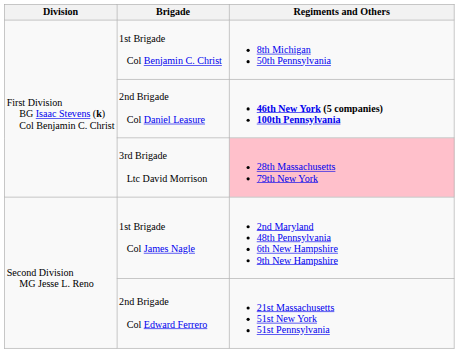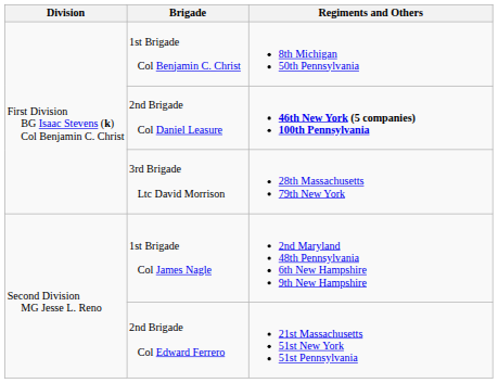 <table class="wikitable">
 <tr>
 <th width=25%>Division</th>
 <th width=25%>Brigade</th>
 <th>Regiments and Others</th>
 </tr>
 <tr>
 <td rowspan=3><br>First Division <br>     BG <a href='#'>Isaac Stevens</a> (<strong>k</strong>) <br>     Col Benjamin C. Christ</td>
 <td>1st Brigade<br><br>   Col <a href='#'>Benjamin C. Christ</a></td>
 <td><br><ul><li><a href='#'>8th Michigan</a></li><li><a href='#'>50th Pennsylvania</a></li></ul></td>
 </tr>
 <tr>
 <td>2nd Brigade<br><br>   Col <a href='#'>Daniel Leasure</a></td>
 <td><strong><br><ul><li><a href='#'>46th New York</a> (5 companies)</li><li><a href='#'>100th Pennsylvania</a></li></ul></strong></td>
 </tr>
 <tr>
 <td>3rd Brigade<br><br>   Ltc David Morrison</td>
-<td style="background: pink;"><br><ul><li><a href='#'>28th Massachusetts</a></li><li><a href='#'>79th New York</a></li></ul></td>
+<td><br><ul><li><a href='#'>28th Massachusetts</a></li><li><a href='#'>79th New York</a></li></ul></td>
 </tr>
 <tr>
 <td rowspan=2><br>Second Division <br>     MG Jesse L. Reno</td>
 <td>1st Brigade<br><br>   Col <a href='#'>James Nagle</a></td>
 <td><br><ul><li><a href='#'>2nd Maryland</a></li><li><a href='#'>48th Pennsylvania</a></li><li><a href='#'>6th New Hampshire</a></li><li><a href='#'>9th New Hampshire</a></li></ul></td>
 </tr>
 <tr>
 <td>2nd Brigade<br><br>   Col <a href='#'>Edward Ferrero</a></td>
 <td><br><ul><li><a href='#'>21st Massachusetts</a></li><li><a href='#'>51st New York</a></li><li><a href='#'>51st Pennsylvania</a></li></ul></td>
 </tr>
 </table>
